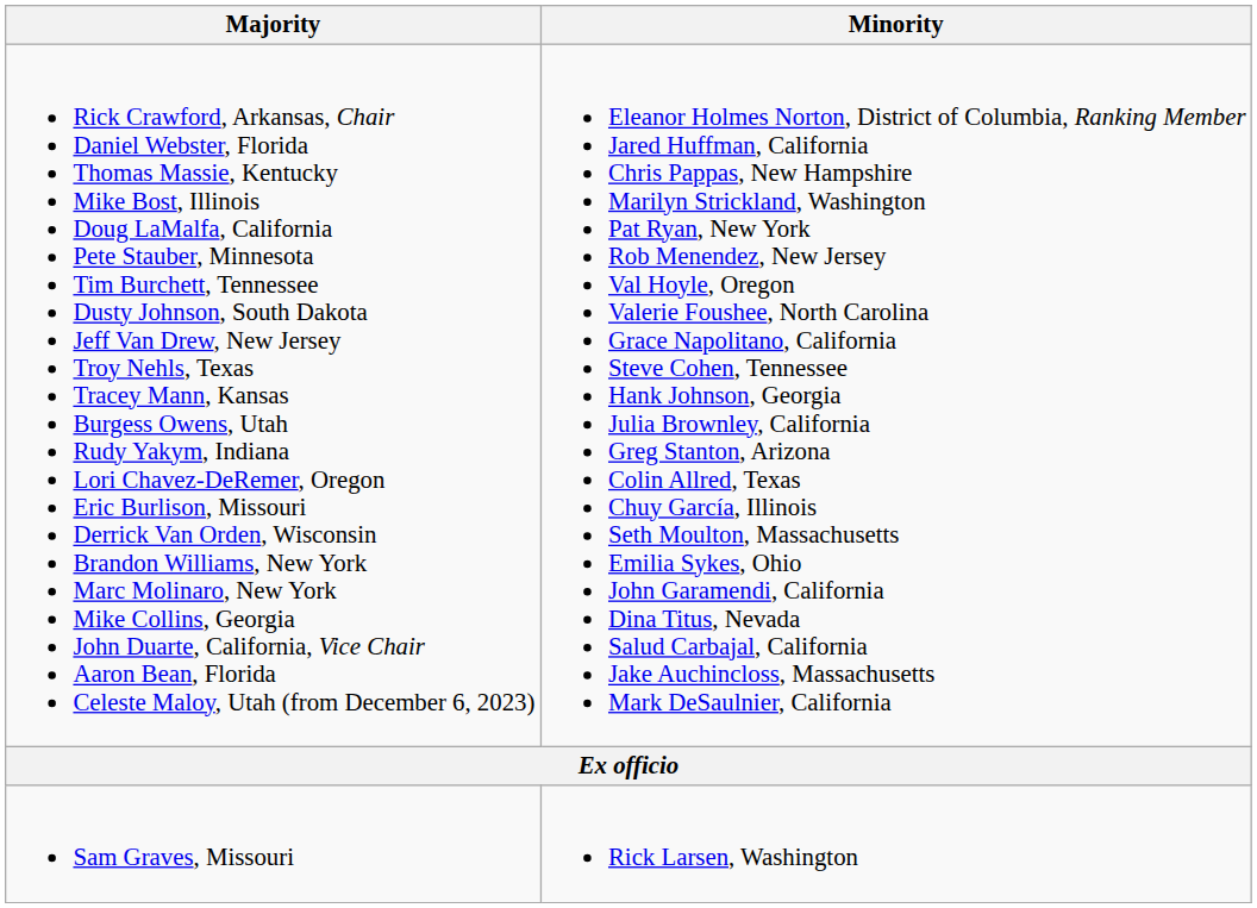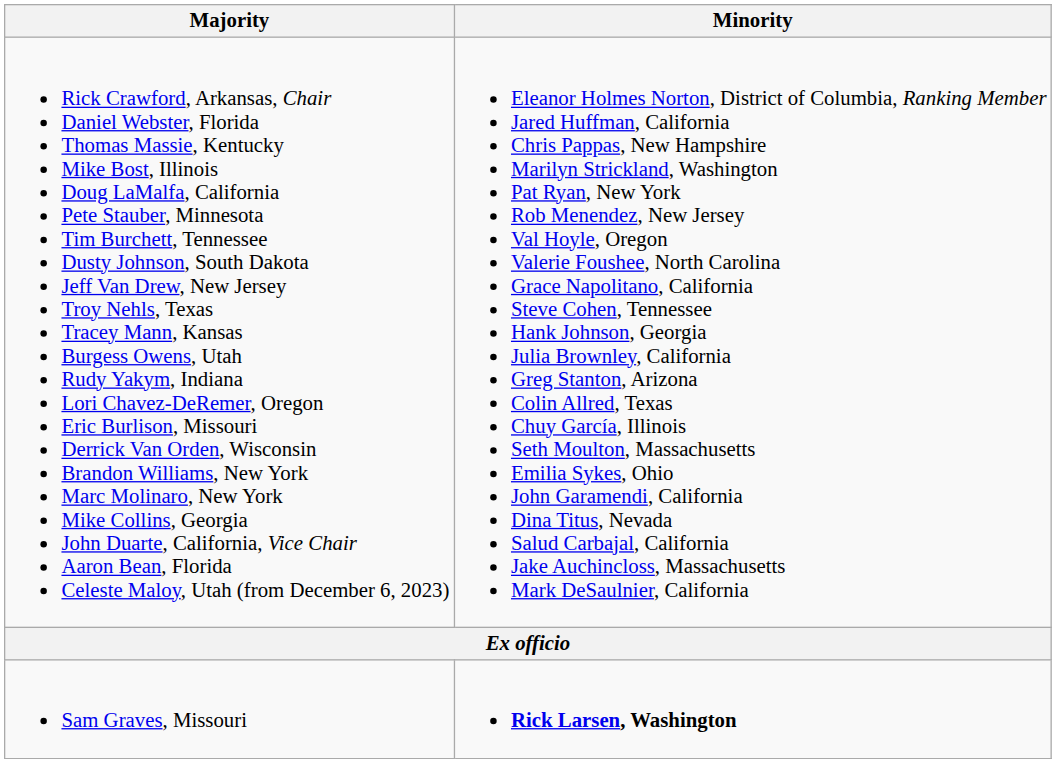 <table class=wikitable>
 <tr>
 <th>Majority</th>
 <th>Minority</th>
 </tr>
 <tr>
 <td><br><ul><li><a href='#'>Rick Crawford</a>, Arkansas, <em>Chair</em></li><li><a href='#'>Daniel Webster</a>, Florida</li><li><a href='#'>Thomas Massie</a>, Kentucky</li><li><a href='#'>Mike Bost</a>, Illinois</li><li><a href='#'>Doug LaMalfa</a>, California</li><li><a href='#'>Pete Stauber</a>, Minnesota</li><li><a href='#'>Tim Burchett</a>, Tennessee</li><li><a href='#'>Dusty Johnson</a>, South Dakota</li><li><a href='#'>Jeff Van Drew</a>, New Jersey</li><li><a href='#'>Troy Nehls</a>, Texas</li><li><a href='#'>Tracey Mann</a>, Kansas</li><li><a href='#'>Burgess Owens</a>, Utah</li><li><a href='#'>Rudy Yakym</a>, Indiana</li><li><a href='#'>Lori Chavez-DeRemer</a>, Oregon</li><li><a href='#'>Eric Burlison</a>, Missouri</li><li><a href='#'>Derrick Van Orden</a>, Wisconsin</li><li><a href='#'>Brandon Williams</a>, New York</li><li><a href='#'>Marc Molinaro</a>, New York</li><li><a href='#'>Mike Collins</a>, Georgia</li><li><a href='#'>John Duarte</a>, California, <em>Vice Chair</em></li><li><a href='#'>Aaron Bean</a>, Florida</li><li><a href='#'>Celeste Maloy</a>, Utah (from December 6, 2023)</li></ul></td>
 <td><br><ul><li><a href='#'>Eleanor Holmes Norton</a>, District of Columbia, <em>Ranking Member</em></li><li><a href='#'>Jared Huffman</a>, California</li><li><a href='#'>Chris Pappas</a>, New Hampshire</li><li><a href='#'>Marilyn Strickland</a>, Washington</li><li><a href='#'>Pat Ryan</a>, New York</li><li><a href='#'>Rob Menendez</a>, New Jersey</li><li><a href='#'>Val Hoyle</a>, Oregon</li><li><a href='#'>Valerie Foushee</a>, North Carolina</li><li><a href='#'>Grace Napolitano</a>, California</li><li><a href='#'>Steve Cohen</a>, Tennessee</li><li><a href='#'>Hank Johnson</a>, Georgia</li><li><a href='#'>Julia Brownley</a>, California</li><li><a href='#'>Greg Stanton</a>, Arizona</li><li><a href='#'>Colin Allred</a>, Texas</li><li><a href='#'>Chuy García</a>, Illinois</li><li><a href='#'>Seth Moulton</a>, Massachusetts</li><li><a href='#'>Emilia Sykes</a>, Ohio</li><li><a href='#'>John Garamendi</a>, California</li><li><a href='#'>Dina Titus</a>, Nevada</li><li><a href='#'>Salud Carbajal</a>, California</li><li><a href='#'>Jake Auchincloss</a>, Massachusetts</li><li><a href='#'>Mark DeSaulnier</a>, California</li></ul></td>
 </tr>
 <tr>
 <th colspan=2><em>Ex officio</em></th>
 </tr>
 <tr>
 <td><br><ul><li><a href='#'>Sam Graves</a>, Missouri</li></ul></td>
-<td><br><ul><li><a href='#'>Rick Larsen</a>, Washington</li></ul></td>
+<td><strong><br><ul><li><a href='#'>Rick Larsen</a>, Washington</li></ul></strong></td>
 </tr>
 </table>
